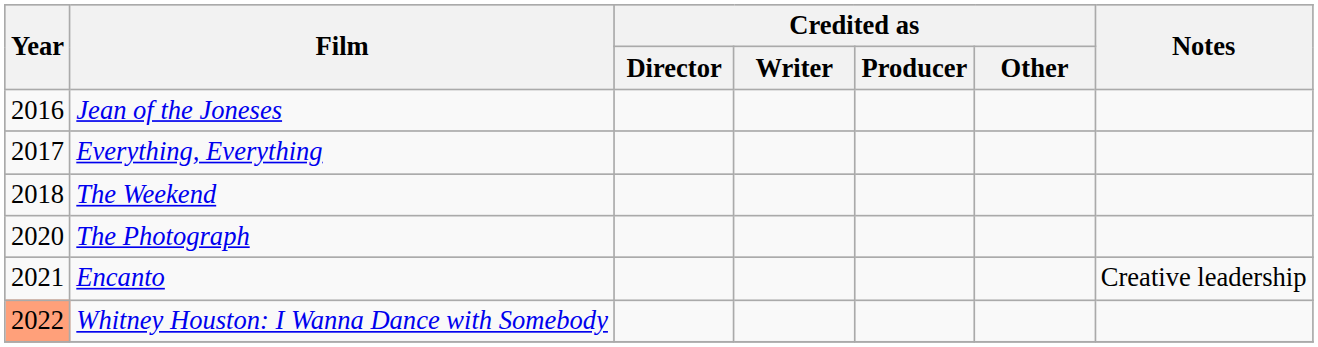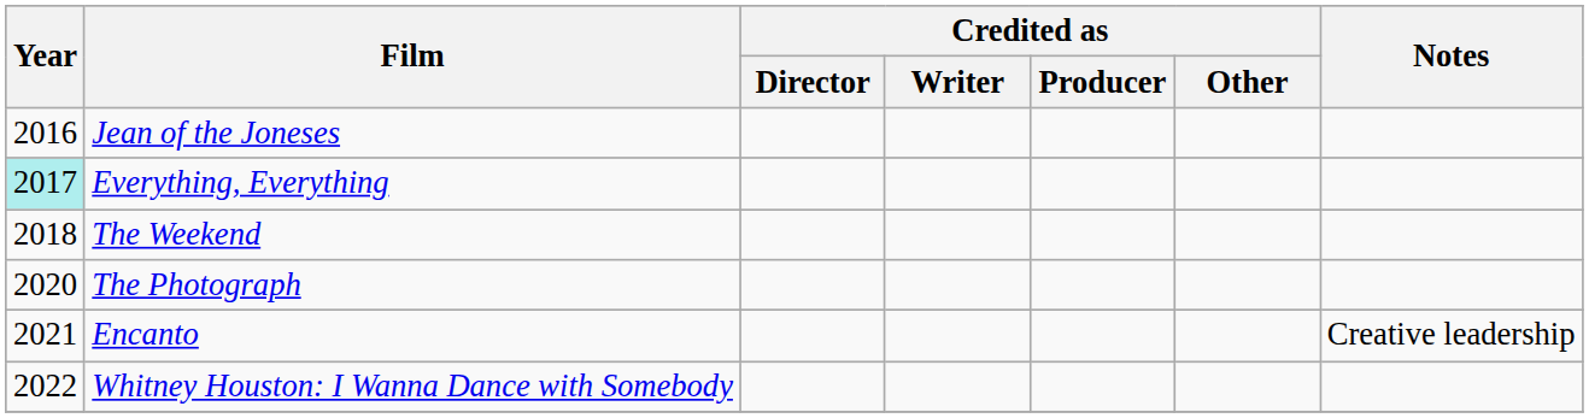 <table class="wikitable sortable">
 <tr>
 <th rowspan="2">Year</th>
 <th rowspan="2">Film</th>
 <th colspan="4">Credited as</th>
 <th rowspan="2">Notes</th>
 </tr>
 <tr>
 <th width="65">Director</th>
 <th width="65">Writer</th>
 <th width="65">Producer</th>
 <th width="65">Other</th>
 </tr>
 <tr>
 <td>2016</td>
 <td><em><a href='#'>Jean of the Joneses</a></em></td>
 <td></td>
 <td></td>
 <td></td>
 <td></td>
 <td></td>
 </tr>
 <tr>
-<td>2017</td>
+<td style="background: paleturquoise;">2017</td>
 <td><em><a href='#'>Everything, Everything</a></em></td>
 <td></td>
 <td></td>
 <td></td>
 <td></td>
 <td></td>
 </tr>
 <tr>
 <td>2018</td>
 <td><em><a href='#'>The Weekend</a></em></td>
 <td></td>
 <td></td>
 <td></td>
 <td></td>
 <td></td>
 </tr>
 <tr>
 <td>2020</td>
 <td><em><a href='#'>The Photograph</a></em></td>
 <td></td>
 <td></td>
 <td></td>
 <td></td>
 <td></td>
 </tr>
 <tr>
 <td>2021</td>
 <td><em><a href='#'>Encanto</a></em></td>
 <td></td>
 <td></td>
 <td></td>
 <td></td>
 <td>Creative leadership</td>
 </tr>
 <tr>
-<td style="background: lightsalmon;">2022</td>
+<td>2022</td>
 <td><em><a href='#'>Whitney Houston: I Wanna Dance with Somebody</a></em></td>
 <td></td>
 <td></td>
 <td></td>
 <td></td>
 <td></td>
 </tr>
 <tr>
 </tr>
 </table>
